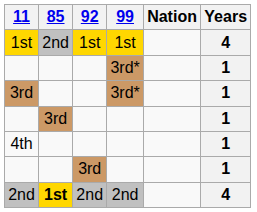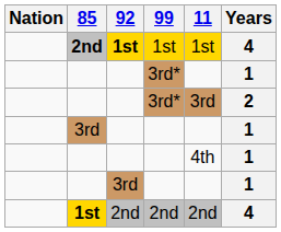 <table class="wikitable" style="text-align:center">
 <tr>
-<th><a href='#'>11</a><br></th>
+<th>Nation</th>
 <th><a href='#'>85</a><br></th>
 <th><a href='#'>92</a><br></th>
 <th><a href='#'>99</a><br></th>
-<th>Nation</th>
+<th><a href='#'>11</a><br></th>
 <th>Years</th>
 </tr>
 <tr>
-<td bgcolor=gold>1st</td>
-<td bgcolor=silver>2nd</td>
+<td align=left></td>
+<td bgcolor=silver><strong>2nd</strong></td>
+<td bgcolor=gold><strong>1st</strong></td>
 <td bgcolor=gold>1st</td>
 <td bgcolor=gold>1st</td>
-<td align=left></td>
 <th>4</th>
 </tr>
 <tr>
+<td align=left></td>
+<td></td>
+<td></td>
+<td bgcolor=#cc9966>3rd*</td>
+<td></td>
+<th>1</th>
+</tr>
+<tr>
+<td align=left></td>
+<td></td>
+<td></td>
+<td bgcolor=#cc9966>3rd*</td>
+<td bgcolor=#cc9966>3rd</td>
+<th>2</th>
+</tr>
+<tr>
+<td align=left></td>
+<td bgcolor=#cc9966>3rd</td>
 <td></td>
 <td></td>
 <td></td>
-<td bgcolor=#cc9966>3rd*</td>
-<td align=left></td>
 <th>1</th>
 </tr>
 <tr>
-<td bgcolor=#cc9966>3rd</td>
+<td align=left></td>
 <td></td>
 <td></td>
-<td bgcolor=#cc9966>3rd*</td>
-<td align=left></td>
+<td></td>
+<td>4th</td>
 <th>1</th>
 </tr>
 <tr>
+<td align=left></td>
 <td></td>
 <td bgcolor=#cc9966>3rd</td>
 <td></td>
 <td></td>
-<td align=left></td>
 <th>1</th>
 </tr>
 <tr>
-<td>4th</td>
-<td></td>
-<td></td>
-<td></td>
 <td align=left></td>
-<th>1</th>
-</tr>
-<tr>
-<td></td>
-<td></td>
-<td bgcolor=#cc9966>3rd</td>
-<td></td>
-<td align=left></td>
-<th>1</th>
-</tr>
-<tr>
-<td bgcolor=silver>2nd</td>
 <td bgcolor=gold><strong>1st</strong></td>
 <td bgcolor=silver>2nd</td>
 <td bgcolor=silver>2nd</td>
-<td align=left></td>
+<td bgcolor=silver>2nd</td>
 <th>4</th>
 </tr>
 </table>
